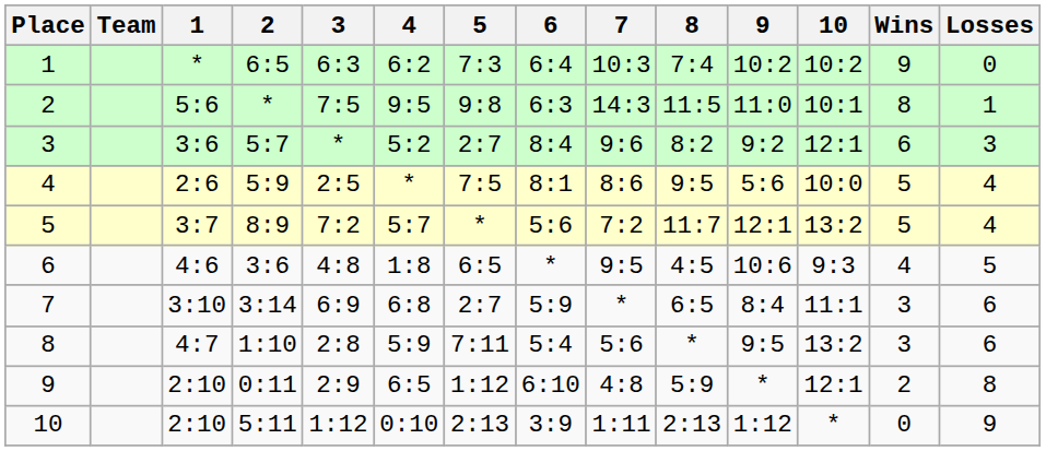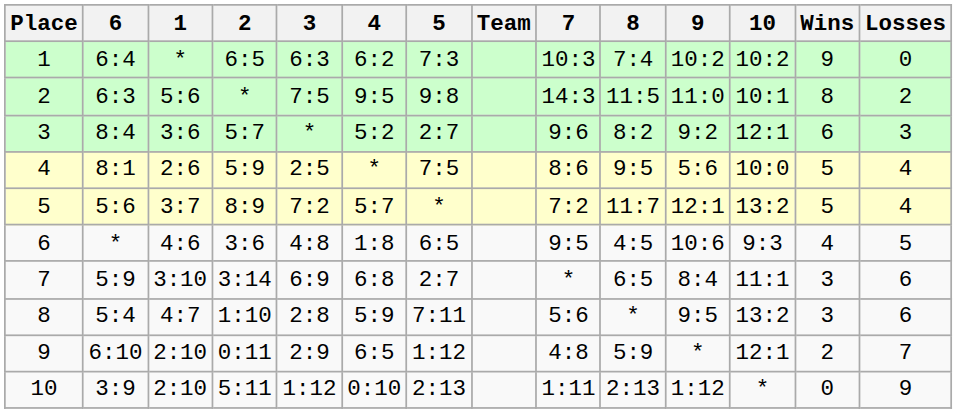 <table class="wikitable" style="text-align:center;">
 <tr>
 <th>Place</th>
-<th>Team</th>
+<th width="25">6</th>
 <th width="25">1</th>
 <th width="25">2</th>
 <th width="25">3</th>
 <th width="25">4</th>
 <th width="25">5</th>
-<th width="25">6</th>
+<th>Team</th>
 <th width="25">7</th>
 <th width="25">8</th>
 <th width="25">9</th>
 <th width="25">10</th>
 <th>Wins</th>
 <th>Losses</th>
 </tr>
 <tr bgcolor=#cfc>
 <td>1</td>
-<td align=left></td>
+<td>6:4</td>
 <td>*</td>
 <td>6:5</td>
 <td>6:3</td>
 <td>6:2</td>
 <td>7:3</td>
-<td>6:4</td>
+<td align=left></td>
 <td>10:3</td>
 <td>7:4</td>
 <td>10:2</td>
 <td>10:2</td>
 <td>9</td>
 <td>0</td>
 </tr>
 <tr bgcolor=#cfc>
 <td>2</td>
-<td align=left></td>
+<td>6:3</td>
 <td>5:6</td>
 <td>*</td>
 <td>7:5</td>
 <td>9:5</td>
 <td>9:8</td>
-<td>6:3</td>
+<td align=left></td>
 <td>14:3</td>
 <td>11:5</td>
 <td>11:0</td>
 <td>10:1</td>
 <td>8</td>
-<td>1</td>
+<td>2</td>
 </tr>
 <tr bgcolor=#cfc>
 <td>3</td>
-<td align=left></td>
+<td>8:4</td>
 <td>3:6</td>
 <td>5:7</td>
 <td>*</td>
 <td>5:2</td>
 <td>2:7</td>
-<td>8:4</td>
+<td align=left></td>
 <td>9:6</td>
 <td>8:2</td>
 <td>9:2</td>
 <td>12:1</td>
 <td>6</td>
 <td>3</td>
 </tr>
 <tr bgcolor=#ffc>
 <td>4</td>
-<td align=left></td>
+<td>8:1</td>
 <td>2:6</td>
 <td>5:9</td>
 <td>2:5</td>
 <td>*</td>
 <td>7:5</td>
-<td>8:1</td>
+<td align=left></td>
 <td>8:6</td>
 <td>9:5</td>
 <td>5:6</td>
 <td>10:0</td>
 <td>5</td>
 <td>4</td>
 </tr>
 <tr bgcolor=#ffc>
 <td>5</td>
-<td align=left></td>
+<td>5:6</td>
 <td>3:7</td>
 <td>8:9</td>
 <td>7:2</td>
 <td>5:7</td>
 <td>*</td>
-<td>5:6</td>
+<td align=left></td>
 <td>7:2</td>
 <td>11:7</td>
 <td>12:1</td>
 <td>13:2</td>
 <td>5</td>
 <td>4</td>
 </tr>
 <tr>
 <td>6</td>
-<td align=left></td>
+<td>*</td>
 <td>4:6</td>
 <td>3:6</td>
 <td>4:8</td>
 <td>1:8</td>
 <td>6:5</td>
-<td>*</td>
+<td align=left></td>
 <td>9:5</td>
 <td>4:5</td>
 <td>10:6</td>
 <td>9:3</td>
 <td>4</td>
 <td>5</td>
 </tr>
 <tr>
 <td>7</td>
-<td align=left></td>
+<td>5:9</td>
 <td>3:10</td>
 <td>3:14</td>
 <td>6:9</td>
 <td>6:8</td>
 <td>2:7</td>
-<td>5:9</td>
+<td align=left></td>
 <td>*</td>
 <td>6:5</td>
 <td>8:4</td>
 <td>11:1</td>
 <td>3</td>
 <td>6</td>
 </tr>
 <tr>
 <td>8</td>
-<td align=left></td>
+<td>5:4</td>
 <td>4:7</td>
 <td>1:10</td>
 <td>2:8</td>
 <td>5:9</td>
 <td>7:11</td>
-<td>5:4</td>
+<td align=left></td>
 <td>5:6</td>
 <td>*</td>
 <td>9:5</td>
 <td>13:2</td>
 <td>3</td>
 <td>6</td>
 </tr>
 <tr>
 <td>9</td>
-<td align=left></td>
+<td>6:10</td>
 <td>2:10</td>
 <td>0:11</td>
 <td>2:9</td>
 <td>6:5</td>
 <td>1:12</td>
-<td>6:10</td>
+<td align=left></td>
 <td>4:8</td>
 <td>5:9</td>
 <td>*</td>
 <td>12:1</td>
 <td>2</td>
-<td>8</td>
+<td>7</td>
 </tr>
 <tr>
 <td>10</td>
-<td align=left></td>
+<td>3:9</td>
 <td>2:10</td>
 <td>5:11</td>
 <td>1:12</td>
 <td>0:10</td>
 <td>2:13</td>
-<td>3:9</td>
+<td align=left></td>
 <td>1:11</td>
 <td>2:13</td>
 <td>1:12</td>
 <td>*</td>
 <td>0</td>
 <td>9</td>
 </tr>
 </table>
